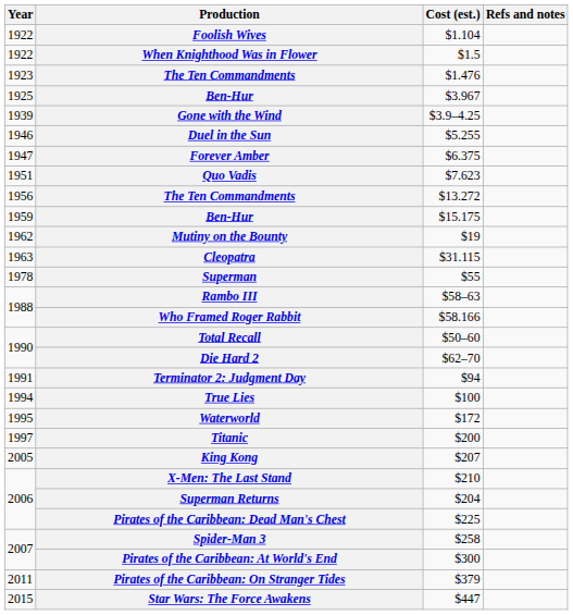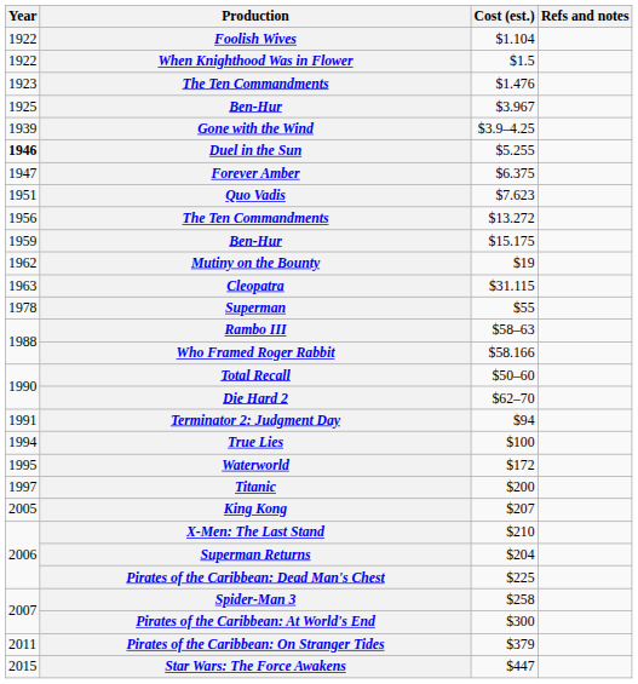 <table class="wikitable plainrowheaders">
 <tr>
 <th scope="col">Year</th>
 <th scope="col" style="width:30em;">Production</th>
 <th scope="col">Cost (est.)<br></th>
 <th scope="col">Refs and notes</th>
 </tr>
 <tr>
 <td>1922</td>
 <th scope="row"><em><a href='#'>Foolish Wives</a></em></th>
 <td style="text-align:right;">$1.104</td>
 <td style="text-align:center;"></td>
 </tr>
 <tr>
 <td>1922</td>
 <th scope="row"><em><a href='#'>When Knighthood Was in Flower</a></em></th>
 <td style="text-align:right;">$1.5</td>
 <td style="text-align:center;"></td>
 </tr>
 <tr>
 <td>1923</td>
 <th scope="row"><em><a href='#'>The Ten Commandments</a></em></th>
 <td style="text-align:right;">$1.476</td>
 <td style="text-align:center;"></td>
 </tr>
 <tr>
 <td>1925</td>
 <th scope="row"><em><a href='#'>Ben-Hur</a></em></th>
 <td style="text-align:right;">$3.967</td>
 <td style="text-align:center;"></td>
 </tr>
 <tr>
 <td>1939</td>
 <th scope="row"><em><a href='#'>Gone with the Wind</a></em></th>
 <td style="text-align:right;">$3.9–4.25</td>
 <td style="text-align:center;"></td>
 </tr>
 <tr>
-<td>1946</td>
+<td><strong>1946</strong></td>
 <th scope="row"><em><a href='#'>Duel in the Sun</a></em></th>
 <td style="text-align:right;">$5.255</td>
 <td style="text-align:center;"></td>
 </tr>
 <tr>
 <td>1947</td>
 <th scope="row"><em><a href='#'>Forever Amber</a></em></th>
 <td style="text-align:right;">$6.375</td>
 <td style="text-align:center;"></td>
 </tr>
 <tr>
 <td>1951</td>
 <th scope="row"><em><a href='#'>Quo Vadis</a></em></th>
 <td style="text-align:right;">$7.623</td>
 <td style="text-align:center;"></td>
 </tr>
 <tr>
 <td>1956</td>
 <th scope="row"><em><a href='#'>The Ten Commandments</a></em></th>
 <td style="text-align:right;">$13.272</td>
 <td style="text-align:center;"></td>
 </tr>
 <tr>
 <td>1959</td>
 <th scope="row"><em><a href='#'>Ben-Hur</a></em></th>
 <td style="text-align:right;">$15.175</td>
 <td style="text-align:center;"></td>
 </tr>
 <tr>
 <td>1962</td>
 <th scope="row"><em><a href='#'>Mutiny on the Bounty</a></em></th>
 <td style="text-align:right;">$19</td>
 <td style="text-align:center;"></td>
 </tr>
 <tr>
 <td>1963</td>
 <th scope="row"><em><a href='#'>Cleopatra</a></em></th>
 <td style="text-align:right;">$31.115</td>
 <td style="text-align:center;"></td>
 </tr>
 <tr>
 <td>1978</td>
 <th scope="row"><em><a href='#'>Superman</a></em></th>
 <td style="text-align:right;">$55</td>
 <td style="text-align:center;"></td>
 </tr>
 <tr>
 <td rowspan="2">1988</td>
 <th scope="row"><em><a href='#'>Rambo III</a></em></th>
 <td style="text-align:right;">$58–63</td>
 <td style="text-align:center;"></td>
 </tr>
 <tr>
 <th scope="row"><em><a href='#'>Who Framed Roger Rabbit</a></em></th>
 <td style="text-align:right;">$58.166</td>
 <td style="text-align:center;"></td>
 </tr>
 <tr>
 <td rowspan="2">1990</td>
 <th scope="row"><em><a href='#'>Total Recall</a></em></th>
 <td style="text-align:right;">$50–60</td>
 <td style="text-align:center;"></td>
 </tr>
 <tr>
 <th scope="row"><em><a href='#'>Die Hard 2</a></em></th>
 <td style="text-align:right;">$62–70</td>
 <td style="text-align:center;"></td>
 </tr>
 <tr>
 <td>1991</td>
 <th scope="row"><em><a href='#'>Terminator 2: Judgment Day</a></em></th>
 <td style="text-align:right;">$94</td>
 <td style="text-align:center;"></td>
 </tr>
 <tr>
 <td>1994</td>
 <th scope="row"><em><a href='#'>True Lies</a></em></th>
 <td style="text-align:right;">$100</td>
 <td style="text-align:center;"></td>
 </tr>
 <tr>
 <td>1995</td>
 <th scope="row"><em><a href='#'>Waterworld</a></em></th>
 <td style="text-align:right;">$172</td>
 <td style="text-align:center;"></td>
 </tr>
 <tr>
 <td>1997</td>
 <th scope="row"><em><a href='#'>Titanic</a></em></th>
 <td style="text-align:right;">$200</td>
 <td style="text-align:center;"></td>
 </tr>
 <tr>
 <td>2005</td>
 <th scope="row"><em><a href='#'>King Kong</a></em></th>
 <td style="text-align:right;">$207</td>
 <td style="text-align:center;"></td>
 </tr>
 <tr>
 <td rowspan="3">2006</td>
 <th scope="row"><em><a href='#'>X-Men: The Last Stand</a></em></th>
 <td style="text-align:right;">$210</td>
 <td style="text-align:center;"></td>
 </tr>
 <tr>
 <th scope="row"><em><a href='#'>Superman Returns</a></em></th>
 <td style="text-align:right;">$204</td>
 <td style="text-align:center;"></td>
 </tr>
 <tr>
 <th scope="row"><em><a href='#'>Pirates of the Caribbean: Dead Man's Chest</a></em></th>
 <td style="text-align:right;">$225</td>
 <td style="text-align:center;"></td>
 </tr>
 <tr>
 <td rowspan="2">2007</td>
 <th scope="row"><em><a href='#'>Spider-Man 3</a></em></th>
 <td style="text-align:right;">$258</td>
 <td style="text-align:center;"></td>
 </tr>
 <tr>
 <th scope="row"><em><a href='#'>Pirates of the Caribbean: At World's End</a></em></th>
 <td style="text-align:right;">$300</td>
 <td style="text-align:center;"></td>
 </tr>
 <tr>
 <td>2011</td>
 <th scope="row"><em><a href='#'>Pirates of the Caribbean: On Stranger Tides</a></em></th>
 <td style="text-align:right;">$379</td>
 <td style="text-align:center;"></td>
 </tr>
 <tr>
 <td>2015</td>
 <th scope="row"><em><a href='#'>Star Wars: The Force Awakens</a></em></th>
 <td style="text-align:right;">$447</td>
 <td style="text-align:center;"></td>
 </tr>
 </table>
